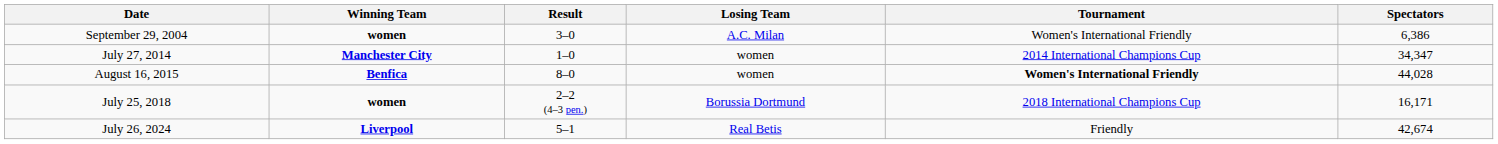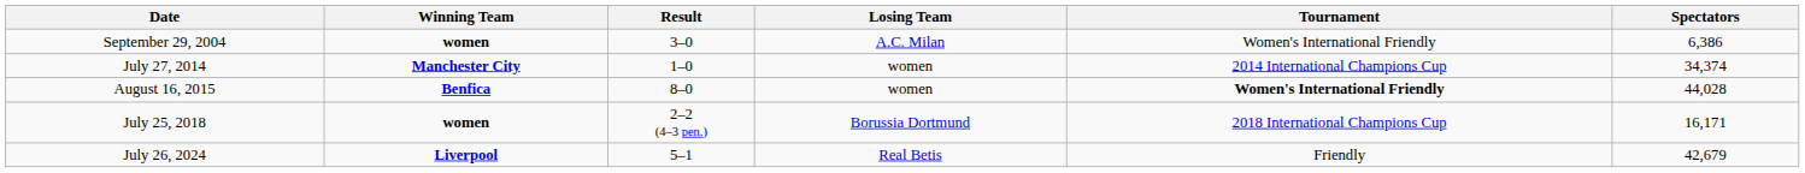 <table class="wikitable"  style="text-align:left; width:95%; text-align:center;">
 <tr>
 <th style="text-align:center; ">Date</th>
 <th style="text-align:center; ">Winning Team</th>
 <th style="text-align:center; ">Result</th>
 <th style="text-align:center; ">Losing Team</th>
 <th style="text-align:center; ">Tournament</th>
 <th style="text-align:center; ">Spectators</th>
 </tr>
 <tr>
 <td style="text-align:center;">September 29, 2004</td>
 <td><strong> women</strong></td>
 <td style="text-align:center;">3–0</td>
 <td> <a href='#'>A.C. Milan</a></td>
 <td style="text-align:center;">Women's International Friendly</td>
 <td style="text-align:center;">6,386</td>
 </tr>
 <tr>
 <td style="text-align:center;">July 27, 2014</td>
 <td><strong> <a href='#'>Manchester City</a></strong></td>
 <td style="text-align:center;">1–0</td>
 <td> women</td>
 <td style="text-align:center;"><a href='#'>2014 International Champions Cup</a></td>
-<td style="text-align:center;">34,347</td>
+<td style="text-align:center;">34,374</td>
 </tr>
 <tr>
 <td style="text-align:center;">August 16, 2015</td>
 <td><strong> <a href='#'>Benfica</a></strong></td>
 <td style="text-align:center;">8–0</td>
 <td> women</td>
 <td style="text-align:center;"><strong>Women's International Friendly</strong></td>
 <td style="text-align:center;">44,028</td>
 </tr>
 <tr>
 <td style="text-align:center;">July 25, 2018</td>
 <td><strong> women</strong></td>
 <td style="text-align:center;">2–2<br> <small>(4–3 <a href='#'>pen.</a>)</small></td>
 <td> <a href='#'>Borussia Dortmund</a></td>
 <td style="text-align:center;"><a href='#'>2018 International Champions Cup</a></td>
 <td style="text-align:center;">16,171</td>
 </tr>
 <tr>
 <td style="text-align:center;">July 26, 2024</td>
 <td><strong> <a href='#'>Liverpool</a></strong></td>
 <td style="text-align:center;">5–1</td>
 <td> <a href='#'>Real Betis</a></td>
 <td style="text-align:center;">Friendly</td>
-<td style="text-align:center;">42,674</td>
+<td style="text-align:center;">42,679</td>
 </tr>
 </table>
